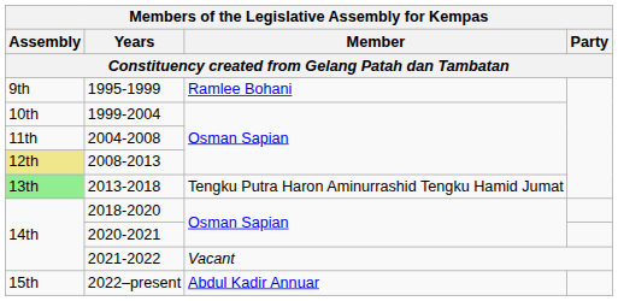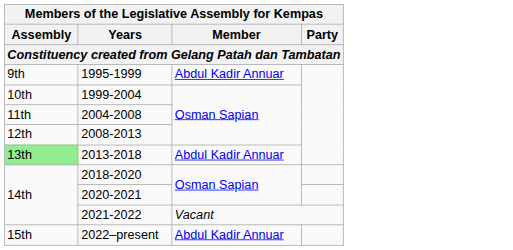 <table class=wikitable>
 <tr>
 <th colspan=4>Members of the Legislative Assembly for Kempas</th>
 </tr>
 <tr>
 <th>Assembly</th>
 <th>Years</th>
 <th>Member</th>
 <th>Party</th>
 </tr>
 <tr>
 <th colspan=4 align=center><em>Constituency created from Gelang Patah dan Tambatan</em></th>
 </tr>
 <tr>
 <td>9th</td>
 <td>1995-1999</td>
-<td><a href='#'>Ramlee Bohani</a></td>
+<td><a href='#'>Abdul Kadir Annuar</a></td>
 <td rowspan="5"></td>
 </tr>
 <tr>
 <td>10th</td>
 <td>1999-2004</td>
 <td rowspan="3"><a href='#'>Osman Sapian</a></td>
 </tr>
 <tr>
 <td>11th</td>
 <td>2004-2008</td>
 </tr>
 <tr>
-<td style="background: khaki;">12th</td>
+<td>12th</td>
 <td>2008-2013</td>
 </tr>
 <tr>
 <td style="background: lightgreen;">13th</td>
 <td>2013-2018</td>
-<td>Tengku Putra Haron Aminurrashid Tengku Hamid Jumat</td>
+<td><a href='#'>Abdul Kadir Annuar</a></td>
 </tr>
 <tr>
 <td rowspan="3">14th</td>
 <td>2018-2020</td>
 <td rowspan="2"><a href='#'>Osman Sapian</a></td>
 <td></td>
 </tr>
 <tr>
 <td>2020-2021</td>
 <td></td>
 </tr>
 <tr>
 <td>2021-2022</td>
 <td colspan="2"><em>Vacant</em></td>
 </tr>
 <tr>
 <td>15th</td>
 <td>2022–present</td>
 <td><a href='#'>Abdul Kadir Annuar</a></td>
 <td></td>
 </tr>
 </table>
